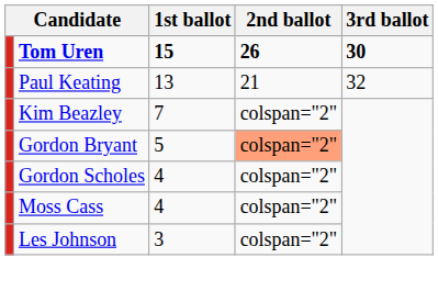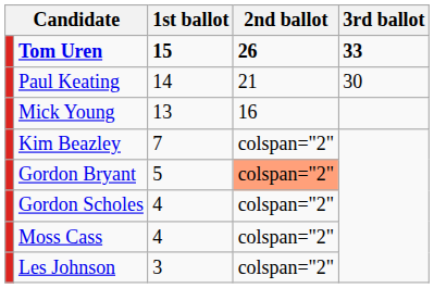 <table class="wikitable">
 <tr>
 <th colspan="2">Candidate</th>
 <th>1st ballot</th>
 <th>2nd ballot</th>
 <th>3rd ballot</th>
 </tr>
 <tr>
 <td style="background:#DC241F"></td>
 <td><strong><a href='#'>Tom Uren</a></strong></td>
 <td><strong>15</strong></td>
 <td><strong>26</strong></td>
-<td><strong>30</strong></td>
+<td><strong>33</strong></td>
 </tr>
 <tr>
 <td style="background:#DC241F"></td>
 <td><a href='#'>Paul Keating</a></td>
+<td>14</td>
+<td>21</td>
+<td>30</td>
+</tr>
+<tr>
+<td style="background:#DC241F"></td>
+<td><a href='#'>Mick Young</a></td>
 <td>13</td>
-<td>21</td>
-<td>32</td>
+<td>16</td>
+<td></td>
 </tr>
 <tr>
 <td style="background:#DC241F"></td>
 <td><a href='#'>Kim Beazley</a></td>
 <td>7</td>
 <td>colspan="2" </td>
 </tr>
 <tr>
 <td style="background:#DC241F"></td>
 <td><a href='#'>Gordon Bryant</a></td>
 <td>5</td>
 <td style="background: lightsalmon;">colspan="2" </td>
 </tr>
 <tr>
 <td style="background:#DC241F"></td>
 <td><a href='#'>Gordon Scholes</a></td>
 <td>4</td>
 <td>colspan="2" </td>
 </tr>
 <tr>
 <td style="background:#DC241F"></td>
 <td><a href='#'>Moss Cass</a></td>
 <td>4</td>
 <td>colspan="2" </td>
 </tr>
 <tr>
 <td style="background:#DC241F"></td>
 <td><a href='#'>Les Johnson</a></td>
 <td>3</td>
 <td>colspan="2" </td>
 </tr>
 </table>
